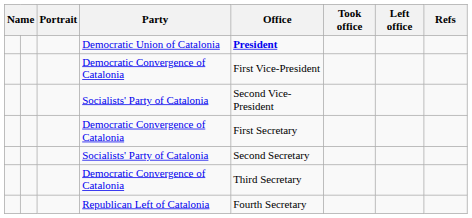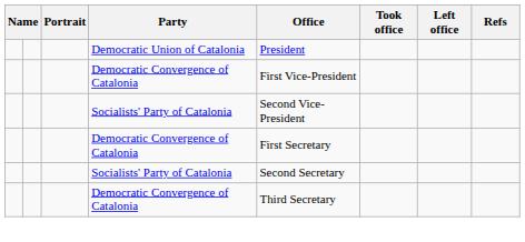 <table class="wikitable plainrowheaders sortable mw-collapsible mw-collapsed" style="font-size:90%; text-align:left;">
 <tr>
 <th scope=col colspan="2">Name</th>
 <th scope=col class=unsortable>Portrait</th>
 <th scope=col>Party</th>
 <th scope=col>Office</th>
 <th scope=col>Took office</th>
 <th scope=col>Left office</th>
 <th scope=col width=50px class=unsortable>Refs</th>
 </tr>
 <tr>
 <td !align="center" style="background:"></td>
 <td></td>
 <td align=center></td>
 <td><a href='#'>Democratic Union of Catalonia</a></td>
-<td><strong><a href='#'>President</a></strong></td>
+<td><a href='#'>President</a></td>
 <td align=center></td>
 <td align=center></td>
 <td align=center></td>
 </tr>
 <tr>
 <td !align="center" style="background:"></td>
 <td></td>
 <td align=center></td>
 <td><a href='#'>Democratic Convergence of Catalonia</a></td>
 <td>First Vice-President</td>
 <td align=center></td>
 <td align=center></td>
 <td align=center></td>
 </tr>
 <tr>
 <td !align="center" style="background:"></td>
 <td></td>
 <td align=center></td>
 <td><a href='#'>Socialists' Party of Catalonia</a></td>
 <td>Second Vice-President</td>
 <td align=center></td>
 <td align=center></td>
 <td align=center></td>
 </tr>
 <tr>
 <td !align="center" style="background:"></td>
 <td></td>
 <td align=center></td>
 <td><a href='#'>Democratic Convergence of Catalonia</a></td>
 <td>First Secretary</td>
 <td align=center></td>
 <td align=center></td>
 <td align=center></td>
 </tr>
 <tr>
 <td !align="center" style="background:"></td>
 <td></td>
 <td align=center></td>
 <td><a href='#'>Socialists' Party of Catalonia</a></td>
 <td>Second Secretary</td>
 <td align=center></td>
 <td align=center></td>
 <td align=center></td>
 </tr>
 <tr>
 <td !align="center" style="background:"></td>
 <td></td>
 <td align=center></td>
 <td><a href='#'>Democratic Convergence of Catalonia</a></td>
 <td>Third Secretary</td>
 <td align=center></td>
 <td align=center></td>
 <td align=center></td>
 </tr>
-<tr>
-<td !align="center" style="background:"></td>
-<td></td>
-<td align=center></td>
-<td><a href='#'>Republican Left of Catalonia</a></td>
-<td>Fourth Secretary</td>
-<td align=center></td>
-<td align=center></td>
-<td align=center></td>
-</tr>
 </table>
